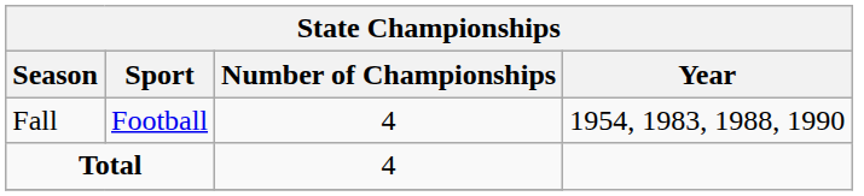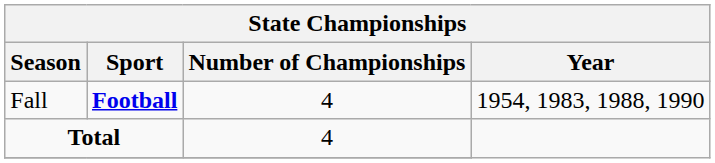 <table class="wikitable">
 <tr>
 <th colspan="4">State Championships</th>
 </tr>
 <tr>
 <th>Season</th>
 <th>Sport</th>
 <th>Number of Championships</th>
 <th>Year</th>
 </tr>
 <tr>
 <td rowspan="1">Fall</td>
-<td><a href='#'>Football</a></td>
+<td><strong><a href='#'>Football</a></strong></td>
 <td align="center">4</td>
 <td>1954, 1983, 1988, 1990</td>
 </tr>
 <tr>
 <td align="center" colspan="2"><strong>Total</strong></td>
 <td align="center">4</td>
 </tr>
 <tr>
 </tr>
 </table>
